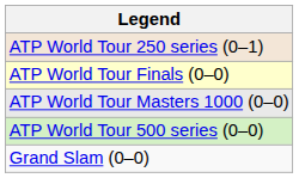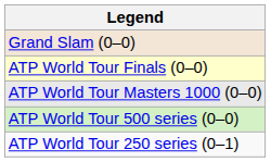 <table class=wikitable>
 <tr>
 <th>Legend</th>
 </tr>
 <tr style="background:#f3e6d7;">
-<td><a href='#'>ATP World Tour 250 series</a> (0–1)</td>
+<td><a href='#'>Grand Slam</a> (0–0)</td>
 </tr>
 <tr style="background:#ffc;">
 <td><a href='#'>ATP World Tour Finals</a> (0–0)</td>
 </tr>
 <tr style="background:#e9e9e9;">
 <td><a href='#'>ATP World Tour Masters 1000</a> (0–0)</td>
 </tr>
 <tr style="background:#d4f1c5;">
 <td><a href='#'>ATP World Tour 500 series</a> (0–0)</td>
 </tr>
 <tr bgcolor=>
-<td><a href='#'>Grand Slam</a> (0–0)</td>
+<td><a href='#'>ATP World Tour 250 series</a> (0–1)</td>
 </tr>
 </table>
